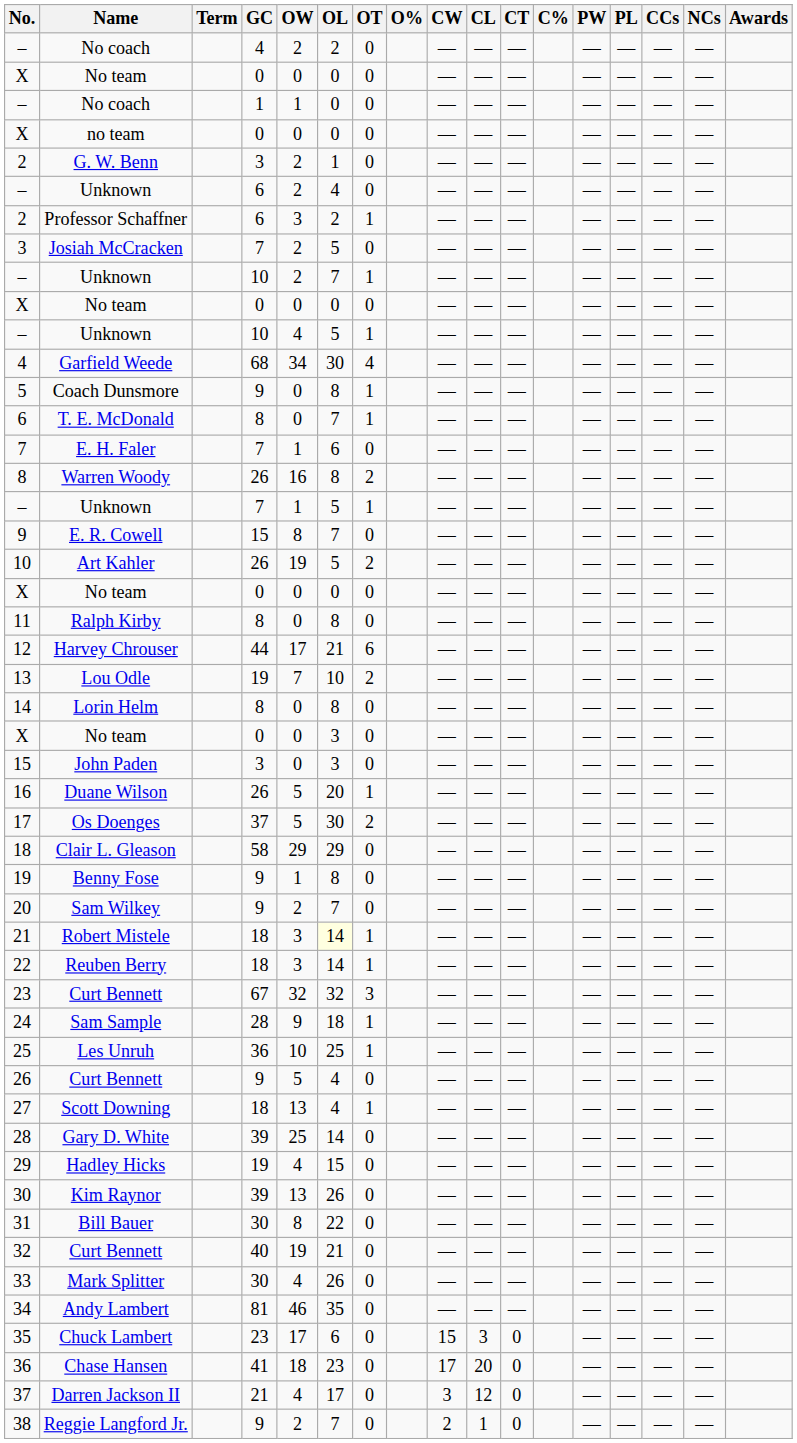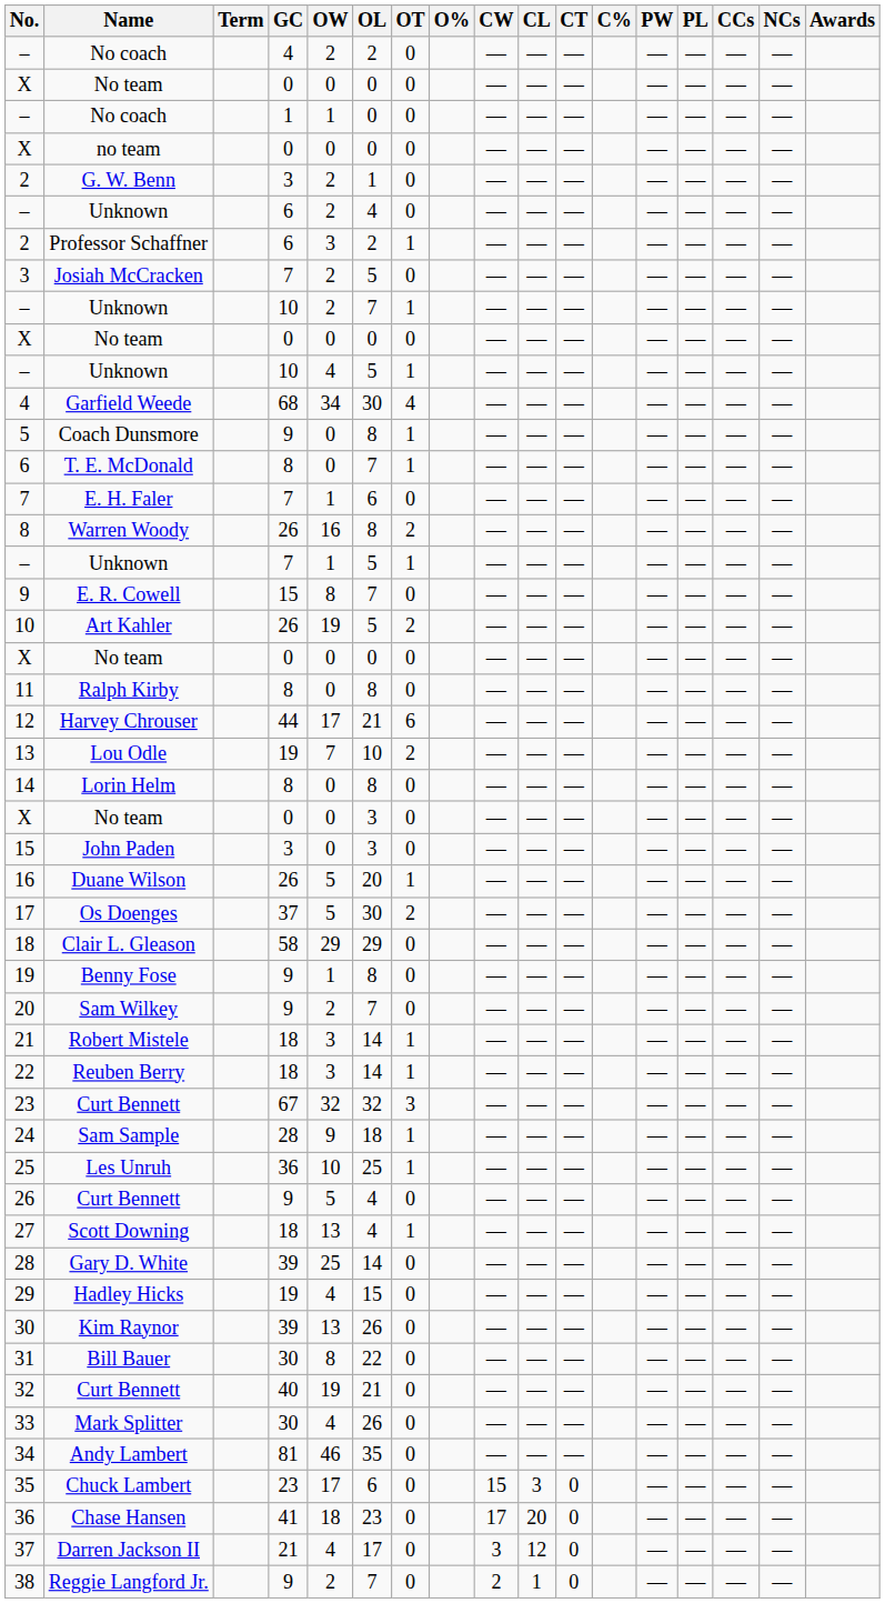 <table class="wikitable sortable" style="text-align:center">
 <tr>
 <th>No.</th>
 <th>Name</th>
 <th>Term</th>
 <th>GC</th>
 <th>OW</th>
 <th>OL</th>
 <th>OT</th>
 <th>O%</th>
 <th>CW</th>
 <th>CL</th>
 <th>CT</th>
 <th>C%</th>
 <th>PW</th>
 <th>PL</th>
 <th>CCs</th>
 <th>NCs</th>
 <th class="unsortable">Awards</th>
 </tr>
 <tr>
 <td>–</td>
 <td>No coach</td>
 <td></td>
 <td>4</td>
 <td>2</td>
 <td>2</td>
 <td>0</td>
 <td></td>
 <td>—</td>
 <td>—</td>
 <td>—</td>
 <td></td>
 <td>—</td>
 <td>—</td>
 <td>—</td>
 <td>—</td>
 <td></td>
 </tr>
 <tr>
 <td>X</td>
 <td>No team</td>
 <td></td>
 <td>0</td>
 <td>0</td>
 <td>0</td>
 <td>0</td>
 <td></td>
 <td>—</td>
 <td>—</td>
 <td>—</td>
 <td></td>
 <td>—</td>
 <td>—</td>
 <td>—</td>
 <td>—</td>
 <td></td>
 </tr>
 <tr>
 <td>–</td>
 <td>No coach</td>
 <td></td>
 <td>1</td>
 <td>1</td>
 <td>0</td>
 <td>0</td>
 <td></td>
 <td>—</td>
 <td>—</td>
 <td>—</td>
 <td></td>
 <td>—</td>
 <td>—</td>
 <td>—</td>
 <td>—</td>
 <td></td>
 </tr>
 <tr>
 <td>X</td>
 <td>no team</td>
 <td></td>
 <td>0</td>
 <td>0</td>
 <td>0</td>
 <td>0</td>
 <td></td>
 <td>—</td>
 <td>—</td>
 <td>—</td>
 <td></td>
 <td>—</td>
 <td>—</td>
 <td>—</td>
 <td>—</td>
 <td></td>
 </tr>
 <tr>
 <td>2</td>
 <td><a href='#'>G. W. Benn</a></td>
 <td></td>
 <td>3</td>
 <td>2</td>
 <td>1</td>
 <td>0</td>
 <td></td>
 <td>—</td>
 <td>—</td>
 <td>—</td>
 <td></td>
 <td>—</td>
 <td>—</td>
 <td>—</td>
 <td>—</td>
 <td></td>
 </tr>
 <tr>
 <td>–</td>
 <td>Unknown</td>
 <td></td>
 <td>6</td>
 <td>2</td>
 <td>4</td>
 <td>0</td>
 <td></td>
 <td>—</td>
 <td>—</td>
 <td>—</td>
 <td></td>
 <td>—</td>
 <td>—</td>
 <td>—</td>
 <td>—</td>
 <td></td>
 </tr>
 <tr>
 <td>2</td>
 <td>Professor Schaffner</td>
 <td></td>
 <td>6</td>
 <td>3</td>
 <td>2</td>
 <td>1</td>
 <td></td>
 <td>—</td>
 <td>—</td>
 <td>—</td>
 <td></td>
 <td>—</td>
 <td>—</td>
 <td>—</td>
 <td>—</td>
 <td></td>
 </tr>
 <tr>
 <td>3</td>
 <td><a href='#'>Josiah McCracken</a></td>
 <td></td>
 <td>7</td>
 <td>2</td>
 <td>5</td>
 <td>0</td>
 <td></td>
 <td>—</td>
 <td>—</td>
 <td>—</td>
 <td></td>
 <td>—</td>
 <td>—</td>
 <td>—</td>
 <td>—</td>
 <td></td>
 </tr>
 <tr>
 <td>–</td>
 <td>Unknown</td>
 <td></td>
 <td>10</td>
 <td>2</td>
 <td>7</td>
 <td>1</td>
 <td></td>
 <td>—</td>
 <td>—</td>
 <td>—</td>
 <td></td>
 <td>—</td>
 <td>—</td>
 <td>—</td>
 <td>—</td>
 <td></td>
 </tr>
 <tr>
 <td>X</td>
 <td>No team</td>
 <td></td>
 <td>0</td>
 <td>0</td>
 <td>0</td>
 <td>0</td>
 <td></td>
 <td>—</td>
 <td>—</td>
 <td>—</td>
 <td></td>
 <td>—</td>
 <td>—</td>
 <td>—</td>
 <td>—</td>
 <td></td>
 </tr>
 <tr>
 <td>–</td>
 <td>Unknown</td>
 <td></td>
 <td>10</td>
 <td>4</td>
 <td>5</td>
 <td>1</td>
 <td></td>
 <td>—</td>
 <td>—</td>
 <td>—</td>
 <td></td>
 <td>—</td>
 <td>—</td>
 <td>—</td>
 <td>—</td>
 <td></td>
 </tr>
 <tr>
 <td>4</td>
 <td><a href='#'>Garfield Weede</a></td>
 <td></td>
 <td>68</td>
 <td>34</td>
 <td>30</td>
 <td>4</td>
 <td></td>
 <td>—</td>
 <td>—</td>
 <td>—</td>
 <td></td>
 <td>—</td>
 <td>—</td>
 <td>—</td>
 <td>—</td>
 <td></td>
 </tr>
 <tr>
 <td>5</td>
 <td>Coach Dunsmore</td>
 <td></td>
 <td>9</td>
 <td>0</td>
 <td>8</td>
 <td>1</td>
 <td></td>
 <td>—</td>
 <td>—</td>
 <td>—</td>
 <td></td>
 <td>—</td>
 <td>—</td>
 <td>—</td>
 <td>—</td>
 <td></td>
 </tr>
 <tr>
 <td>6</td>
 <td><a href='#'>T. E. McDonald</a></td>
 <td></td>
 <td>8</td>
 <td>0</td>
 <td>7</td>
 <td>1</td>
 <td></td>
 <td>—</td>
 <td>—</td>
 <td>—</td>
 <td></td>
 <td>—</td>
 <td>—</td>
 <td>—</td>
 <td>—</td>
 <td></td>
 </tr>
 <tr>
 <td>7</td>
 <td><a href='#'>E. H. Faler</a></td>
 <td></td>
 <td>7</td>
 <td>1</td>
 <td>6</td>
 <td>0</td>
 <td></td>
 <td>—</td>
 <td>—</td>
 <td>—</td>
 <td></td>
 <td>—</td>
 <td>—</td>
 <td>—</td>
 <td>—</td>
 <td></td>
 </tr>
 <tr>
 <td>8</td>
 <td><a href='#'>Warren Woody</a></td>
 <td></td>
 <td>26</td>
 <td>16</td>
 <td>8</td>
 <td>2</td>
 <td></td>
 <td>—</td>
 <td>—</td>
 <td>—</td>
 <td></td>
 <td>—</td>
 <td>—</td>
 <td>—</td>
 <td>—</td>
 <td></td>
 </tr>
 <tr>
 <td>–</td>
 <td>Unknown</td>
 <td></td>
 <td>7</td>
 <td>1</td>
 <td>5</td>
 <td>1</td>
 <td></td>
 <td>—</td>
 <td>—</td>
 <td>—</td>
 <td></td>
 <td>—</td>
 <td>—</td>
 <td>—</td>
 <td>—</td>
 <td></td>
 </tr>
 <tr>
 <td>9</td>
 <td><a href='#'>E. R. Cowell</a></td>
 <td></td>
 <td>15</td>
 <td>8</td>
 <td>7</td>
 <td>0</td>
 <td></td>
 <td>—</td>
 <td>—</td>
 <td>—</td>
 <td></td>
 <td>—</td>
 <td>—</td>
 <td>—</td>
 <td>—</td>
 <td></td>
 </tr>
 <tr>
 <td>10</td>
 <td><a href='#'>Art Kahler</a></td>
 <td></td>
 <td>26</td>
 <td>19</td>
 <td>5</td>
 <td>2</td>
 <td></td>
 <td>—</td>
 <td>—</td>
 <td>—</td>
 <td></td>
 <td>—</td>
 <td>—</td>
 <td>—</td>
 <td>—</td>
 <td></td>
 </tr>
 <tr>
 <td>X</td>
 <td>No team</td>
 <td></td>
 <td>0</td>
 <td>0</td>
 <td>0</td>
 <td>0</td>
 <td></td>
 <td>—</td>
 <td>—</td>
 <td>—</td>
 <td></td>
 <td>—</td>
 <td>—</td>
 <td>—</td>
 <td>—</td>
 <td></td>
 </tr>
 <tr>
 <td>11</td>
 <td><a href='#'>Ralph Kirby</a></td>
 <td></td>
 <td>8</td>
 <td>0</td>
 <td>8</td>
 <td>0</td>
 <td></td>
 <td>—</td>
 <td>—</td>
 <td>—</td>
 <td></td>
 <td>—</td>
 <td>—</td>
 <td>—</td>
 <td>—</td>
 <td></td>
 </tr>
 <tr>
 <td>12</td>
 <td><a href='#'>Harvey Chrouser</a></td>
 <td></td>
 <td>44</td>
 <td>17</td>
 <td>21</td>
 <td>6</td>
 <td></td>
 <td>—</td>
 <td>—</td>
 <td>—</td>
 <td></td>
 <td>—</td>
 <td>—</td>
 <td>—</td>
 <td>—</td>
 <td></td>
 </tr>
 <tr>
 <td>13</td>
 <td><a href='#'>Lou Odle</a></td>
 <td></td>
 <td>19</td>
 <td>7</td>
 <td>10</td>
 <td>2</td>
 <td></td>
 <td>—</td>
 <td>—</td>
 <td>—</td>
 <td></td>
 <td>—</td>
 <td>—</td>
 <td>—</td>
 <td>—</td>
 <td></td>
 </tr>
 <tr>
 <td>14</td>
 <td><a href='#'>Lorin Helm</a></td>
 <td></td>
 <td>8</td>
 <td>0</td>
 <td>8</td>
 <td>0</td>
 <td></td>
 <td>—</td>
 <td>—</td>
 <td>—</td>
 <td></td>
 <td>—</td>
 <td>—</td>
 <td>—</td>
 <td>—</td>
 <td></td>
 </tr>
 <tr>
 <td>X</td>
 <td>No team</td>
 <td></td>
 <td>0</td>
 <td>0</td>
 <td>3</td>
 <td>0</td>
 <td></td>
 <td>—</td>
 <td>—</td>
 <td>—</td>
 <td></td>
 <td>—</td>
 <td>—</td>
 <td>—</td>
 <td>—</td>
 <td></td>
 </tr>
 <tr>
 <td>15</td>
 <td><a href='#'>John Paden</a></td>
 <td></td>
 <td>3</td>
 <td>0</td>
 <td>3</td>
 <td>0</td>
 <td></td>
 <td>—</td>
 <td>—</td>
 <td>—</td>
 <td></td>
 <td>—</td>
 <td>—</td>
 <td>—</td>
 <td>—</td>
 <td></td>
 </tr>
 <tr>
 <td>16</td>
 <td><a href='#'>Duane Wilson</a></td>
 <td></td>
 <td>26</td>
 <td>5</td>
 <td>20</td>
 <td>1</td>
 <td></td>
 <td>—</td>
 <td>—</td>
 <td>—</td>
 <td></td>
 <td>—</td>
 <td>—</td>
 <td>—</td>
 <td>—</td>
 <td></td>
 </tr>
 <tr>
 <td>17</td>
 <td><a href='#'>Os Doenges</a></td>
 <td></td>
 <td>37</td>
 <td>5</td>
 <td>30</td>
 <td>2</td>
 <td></td>
 <td>—</td>
 <td>—</td>
 <td>—</td>
 <td></td>
 <td>—</td>
 <td>—</td>
 <td>—</td>
 <td>—</td>
 <td></td>
 </tr>
 <tr>
 <td>18</td>
 <td><a href='#'>Clair L. Gleason</a></td>
 <td></td>
 <td>58</td>
 <td>29</td>
 <td>29</td>
 <td>0</td>
 <td></td>
 <td>—</td>
 <td>—</td>
 <td>—</td>
 <td></td>
 <td>—</td>
 <td>—</td>
 <td>—</td>
 <td>—</td>
 <td></td>
 </tr>
 <tr>
 <td>19</td>
 <td><a href='#'>Benny Fose</a></td>
 <td></td>
 <td>9</td>
 <td>1</td>
 <td>8</td>
 <td>0</td>
 <td></td>
 <td>—</td>
 <td>—</td>
 <td>—</td>
 <td></td>
 <td>—</td>
 <td>—</td>
 <td>—</td>
 <td>—</td>
 <td></td>
 </tr>
 <tr>
 <td>20</td>
 <td><a href='#'>Sam Wilkey</a></td>
 <td></td>
 <td>9</td>
 <td>2</td>
 <td>7</td>
 <td>0</td>
 <td></td>
 <td>—</td>
 <td>—</td>
 <td>—</td>
 <td></td>
 <td>—</td>
 <td>—</td>
 <td>—</td>
 <td>—</td>
 <td></td>
 </tr>
 <tr>
 <td>21</td>
 <td><a href='#'>Robert Mistele</a></td>
 <td></td>
 <td>18</td>
 <td>3</td>
-<td style="background: lightyellow;">14</td>
+<td>14</td>
 <td>1</td>
 <td></td>
 <td>—</td>
 <td>—</td>
 <td>—</td>
 <td></td>
 <td>—</td>
 <td>—</td>
 <td>—</td>
 <td>—</td>
 <td></td>
 </tr>
 <tr>
 <td>22</td>
 <td><a href='#'>Reuben Berry</a></td>
 <td></td>
 <td>18</td>
 <td>3</td>
 <td>14</td>
 <td>1</td>
 <td></td>
 <td>—</td>
 <td>—</td>
 <td>—</td>
 <td></td>
 <td>—</td>
 <td>—</td>
 <td>—</td>
 <td>—</td>
 <td></td>
 </tr>
 <tr>
 <td>23</td>
 <td><a href='#'>Curt Bennett</a></td>
 <td></td>
 <td>67</td>
 <td>32</td>
 <td>32</td>
 <td>3</td>
 <td></td>
 <td>—</td>
 <td>—</td>
 <td>—</td>
 <td></td>
 <td>—</td>
 <td>—</td>
 <td>—</td>
 <td>—</td>
 <td></td>
 </tr>
 <tr>
 <td>24</td>
 <td><a href='#'>Sam Sample</a></td>
 <td></td>
 <td>28</td>
 <td>9</td>
 <td>18</td>
 <td>1</td>
 <td></td>
 <td>—</td>
 <td>—</td>
 <td>—</td>
 <td></td>
 <td>—</td>
 <td>—</td>
 <td>—</td>
 <td>—</td>
 <td></td>
 </tr>
 <tr>
 <td>25</td>
 <td><a href='#'>Les Unruh</a></td>
 <td></td>
 <td>36</td>
 <td>10</td>
 <td>25</td>
 <td>1</td>
 <td></td>
 <td>—</td>
 <td>—</td>
 <td>—</td>
 <td></td>
 <td>—</td>
 <td>—</td>
 <td>—</td>
 <td>—</td>
 <td></td>
 </tr>
 <tr>
 <td>26</td>
 <td><a href='#'>Curt Bennett</a></td>
 <td></td>
 <td>9</td>
 <td>5</td>
 <td>4</td>
 <td>0</td>
 <td></td>
 <td>—</td>
 <td>—</td>
 <td>—</td>
 <td></td>
 <td>—</td>
 <td>—</td>
 <td>—</td>
 <td>—</td>
 <td></td>
 </tr>
 <tr>
 <td>27</td>
 <td><a href='#'>Scott Downing</a></td>
 <td></td>
 <td>18</td>
 <td>13</td>
 <td>4</td>
 <td>1</td>
 <td></td>
 <td>—</td>
 <td>—</td>
 <td>—</td>
 <td></td>
 <td>—</td>
 <td>—</td>
 <td>—</td>
 <td>—</td>
 <td></td>
 </tr>
 <tr>
 <td>28</td>
 <td><a href='#'>Gary D. White</a></td>
 <td></td>
 <td>39</td>
 <td>25</td>
 <td>14</td>
 <td>0</td>
 <td></td>
 <td>—</td>
 <td>—</td>
 <td>—</td>
 <td></td>
 <td>—</td>
 <td>—</td>
 <td>—</td>
 <td>—</td>
 <td></td>
 </tr>
 <tr>
 <td>29</td>
 <td><a href='#'>Hadley Hicks</a></td>
 <td></td>
 <td>19</td>
 <td>4</td>
 <td>15</td>
 <td>0</td>
 <td></td>
 <td>—</td>
 <td>—</td>
 <td>—</td>
 <td></td>
 <td>—</td>
 <td>—</td>
 <td>—</td>
 <td>—</td>
 <td></td>
 </tr>
 <tr>
 <td>30</td>
 <td><a href='#'>Kim Raynor</a></td>
 <td></td>
 <td>39</td>
 <td>13</td>
 <td>26</td>
 <td>0</td>
 <td></td>
 <td>—</td>
 <td>—</td>
 <td>—</td>
 <td></td>
 <td>—</td>
 <td>—</td>
 <td>—</td>
 <td>—</td>
 <td></td>
 </tr>
 <tr>
 <td>31</td>
 <td><a href='#'>Bill Bauer</a></td>
 <td></td>
 <td>30</td>
 <td>8</td>
 <td>22</td>
 <td>0</td>
 <td></td>
 <td>—</td>
 <td>—</td>
 <td>—</td>
 <td></td>
 <td>—</td>
 <td>—</td>
 <td>—</td>
 <td>—</td>
 <td></td>
 </tr>
 <tr>
 <td>32</td>
 <td><a href='#'>Curt Bennett</a></td>
 <td></td>
 <td>40</td>
 <td>19</td>
 <td>21</td>
 <td>0</td>
 <td></td>
 <td>—</td>
 <td>—</td>
 <td>—</td>
 <td></td>
 <td>—</td>
 <td>—</td>
 <td>—</td>
 <td>—</td>
 <td></td>
 </tr>
 <tr>
 <td>33</td>
 <td><a href='#'>Mark Splitter</a></td>
 <td></td>
 <td>30</td>
 <td>4</td>
 <td>26</td>
 <td>0</td>
 <td></td>
 <td>—</td>
 <td>—</td>
 <td>—</td>
 <td></td>
 <td>—</td>
 <td>—</td>
 <td>—</td>
 <td>—</td>
 <td></td>
 </tr>
 <tr>
 <td>34</td>
 <td><a href='#'>Andy Lambert</a></td>
 <td></td>
 <td>81</td>
 <td>46</td>
 <td>35</td>
 <td>0</td>
 <td></td>
 <td>—</td>
 <td>—</td>
 <td>—</td>
 <td></td>
 <td>—</td>
 <td>—</td>
 <td>—</td>
 <td>—</td>
 <td></td>
 </tr>
 <tr>
 <td>35</td>
 <td><a href='#'>Chuck Lambert</a></td>
 <td></td>
 <td>23</td>
 <td>17</td>
 <td>6</td>
 <td>0</td>
 <td></td>
 <td>15</td>
 <td>3</td>
 <td>0</td>
 <td></td>
 <td>—</td>
 <td>—</td>
 <td>—</td>
 <td>—</td>
 <td></td>
 </tr>
 <tr>
 <td>36</td>
 <td><a href='#'>Chase Hansen</a></td>
 <td></td>
 <td>41</td>
 <td>18</td>
 <td>23</td>
 <td>0</td>
 <td></td>
 <td>17</td>
 <td>20</td>
 <td>0</td>
 <td></td>
 <td>—</td>
 <td>—</td>
 <td>—</td>
 <td>—</td>
 <td></td>
 </tr>
 <tr>
 <td>37</td>
 <td><a href='#'>Darren Jackson II</a></td>
 <td></td>
 <td>21</td>
 <td>4</td>
 <td>17</td>
 <td>0</td>
 <td></td>
 <td>3</td>
 <td>12</td>
 <td>0</td>
 <td></td>
 <td>—</td>
 <td>—</td>
 <td>—</td>
 <td>—</td>
 <td></td>
 </tr>
 <tr>
 <td>38</td>
 <td><a href='#'>Reggie Langford Jr.</a></td>
 <td></td>
 <td>9</td>
 <td>2</td>
 <td>7</td>
 <td>0</td>
 <td></td>
 <td>2</td>
 <td>1</td>
 <td>0</td>
 <td></td>
 <td>—</td>
 <td>—</td>
 <td>—</td>
 <td>—</td>
 <td></td>
 </tr>
 </table>
